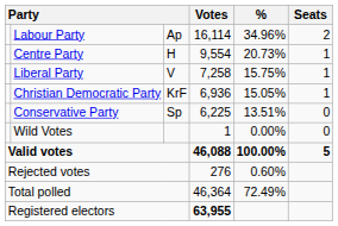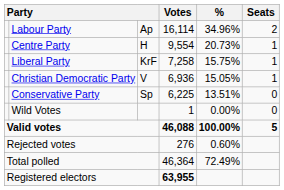 <table class="wikitable" border="1" style="text-align:right;">
 <tr>
 <th style="text-align:left;" colspan=3>Party</th>
 <th align=center width="50">Votes</th>
 <th align=center width="50">%</th>
 <th align=center width="50">Seats</th>
 </tr>
 <tr>
 <td style="color:inherit;background:"></td>
 <td align=left><a href='#'>Labour Party</a></td>
 <td align=left>Ap</td>
 <td>16,114</td>
 <td>34.96%</td>
 <td>2</td>
 </tr>
 <tr>
 <td style="color:inherit;background:"></td>
 <td align=left><a href='#'>Centre Party</a></td>
 <td align=left>H</td>
 <td>9,554</td>
 <td>20.73%</td>
 <td>1</td>
 </tr>
 <tr>
 <td style="color:inherit;background:"></td>
 <td align=left><a href='#'>Liberal Party</a></td>
-<td align=left>V</td>
+<td align=left>KrF</td>
 <td>7,258</td>
 <td>15.75%</td>
 <td>1</td>
 </tr>
 <tr>
 <td style="color:inherit;background:"></td>
 <td align=left><a href='#'>Christian Democratic Party</a></td>
-<td align=left>KrF</td>
+<td align=left>V</td>
 <td>6,936</td>
 <td>15.05%</td>
 <td>1</td>
 </tr>
 <tr>
 <td style="color:inherit;background:"></td>
 <td align=left><a href='#'>Conservative Party</a></td>
 <td align=left>Sp</td>
 <td>6,225</td>
 <td>13.51%</td>
 <td>0</td>
 </tr>
 <tr>
 <td></td>
 <td align=left>Wild Votes</td>
 <td align=left></td>
 <td>1</td>
 <td>0.00%</td>
 <td>0</td>
 </tr>
 <tr style="font-weight:bold">
 <td align=left colspan=3>Valid votes</td>
 <td>46,088</td>
 <td>100.00%</td>
 <td>5</td>
 </tr>
 <tr>
 <td align=left colspan=3>Rejected votes</td>
 <td>276</td>
 <td>0.60%</td>
 <td></td>
 </tr>
 <tr>
 <td align=left colspan=3>Total polled</td>
 <td>46,364</td>
 <td>72.49%</td>
 <td></td>
 </tr>
 <tr>
 <td align=left colspan=3>Registered electors</td>
 <td><strong>63,955</strong></td>
 <td></td>
 <td></td>
 </tr>
 </table>
